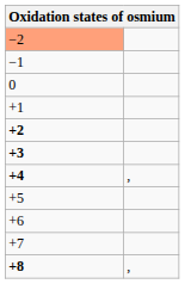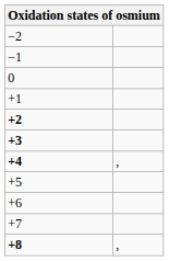 <table class="wikitable">
 <tr>
 <th colspan=2>Oxidation states of osmium</th>
 </tr>
 <tr>
-<td style="background: lightsalmon;">−2</td>
+<td>−2</td>
 <td></td>
 </tr>
 <tr>
 <td>−1</td>
 <td></td>
 </tr>
 <tr>
 <td>0</td>
 <td><a href='#'></a></td>
 </tr>
 <tr>
 <td>+1</td>
 <td></td>
 </tr>
 <tr>
 <td><strong>+2</strong></td>
 <td></td>
 </tr>
 <tr>
 <td><strong>+3</strong></td>
 <td></td>
 </tr>
 <tr>
 <td><strong>+4</strong></td>
 <td><a href='#'></a>, <a href='#'></a></td>
 </tr>
 <tr>
 <td>+5</td>
 <td></td>
 </tr>
 <tr>
 <td>+6</td>
 <td><a href='#'></a></td>
 </tr>
 <tr>
 <td>+7</td>
 <td></td>
 </tr>
 <tr>
 <td><strong>+8</strong></td>
 <td><a href='#'></a>, </td>
 </tr>
 </table>
